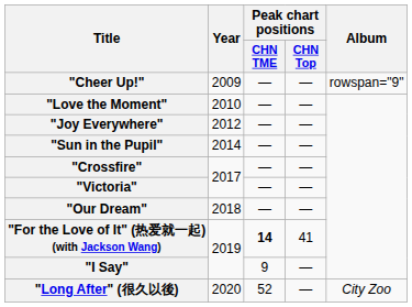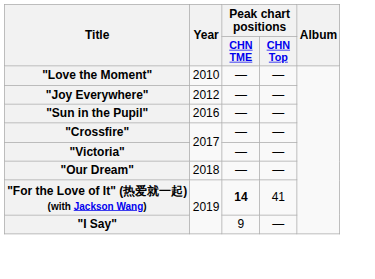 <table class="wikitable plainrowheaders" style="text-align:center;">
 <tr>
 <th rowspan="2" scope="col">Title</th>
 <th rowspan="2" scope="col">Year</th>
 <th colspan="2">Peak chart positions</th>
 <th rowspan="2" scope="col">Album</th>
 </tr>
 <tr>
 <th scope="col" style="width:3em;font-size:90%;"><a href='#'>CHN TME</a><br></th>
 <th scope="col" style="width:3em;font-size:90%;"><a href='#'>CHN Top</a><br></th>
-</tr>
-<tr>
-<th scope="row">"Cheer Up!"</th>
-<td>2009</td>
-<td>—</td>
-<td>—</td>
-<td>rowspan="9" </td>
 </tr>
 <tr>
 <th scope="row">"Love the Moment"</th>
 <td>2010</td>
 <td>—</td>
 <td>—</td>
 </tr>
 <tr>
 <th scope="row">"Joy Everywhere"</th>
 <td>2012</td>
 <td>—</td>
 <td>—</td>
 </tr>
 <tr>
 <th scope="row">"Sun in the Pupil"</th>
-<td>2014</td>
+<td>2016</td>
 <td>—</td>
 <td>—</td>
 </tr>
 <tr>
 <th scope="row">"Crossfire"</th>
 <td rowspan="2">2017</td>
 <td>—</td>
 <td>—</td>
 </tr>
 <tr>
 <th scope="row">"Victoria"</th>
 <td>—</td>
 <td>—</td>
 </tr>
 <tr>
 <th scope="row">"Our Dream"</th>
 <td>2018</td>
 <td>—</td>
 <td>—</td>
 </tr>
 <tr>
 <th scope="row">"For the Love of It" (热爱就一起)<br><small>(with <a href='#'>Jackson Wang</a>)</small></th>
 <td rowspan="2">2019</td>
 <td><strong>14</strong></td>
 <td>41</td>
 </tr>
 <tr>
 <th scope="row">"I Say"</th>
 <td>9</td>
 <td>—</td>
 </tr>
-<tr>
-<th scope="row">"<a href='#'>Long After</a>" (很久以後)</th>
-<td>2020</td>
-<td>52</td>
-<td>—</td>
-<td><em>City Zoo</em></td>
-</tr>
 </table>
